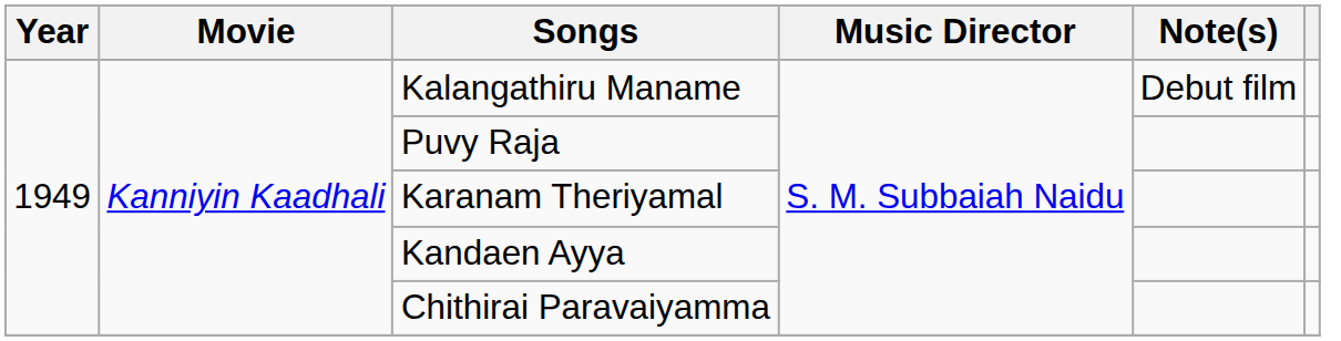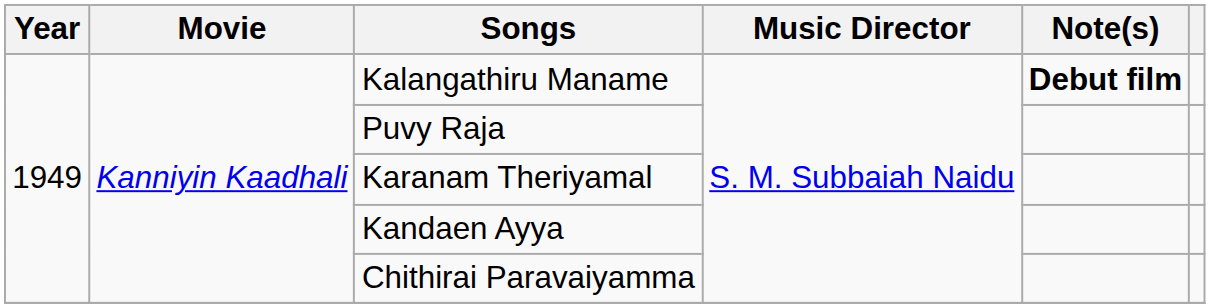 <table class="wikitable">
 <tr>
 <th>Year</th>
 <th>Movie</th>
 <th>Songs</th>
 <th>Music Director</th>
 <th>Note(s)</th>
 <th class="unsortable"></th>
 </tr>
 <tr>
 <td rowspan=5>1949</td>
 <td rowspan=5><em><a href='#'>Kanniyin Kaadhali</a></em></td>
 <td>Kalangathiru Maname</td>
 <td rowspan=5><a href='#'>S. M. Subbaiah Naidu</a></td>
-<td>Debut film</td>
+<td><strong>Debut film</strong></td>
 <td></td>
 </tr>
 <tr>
 <td>Puvy Raja</td>
 <td></td>
 <td></td>
 </tr>
 <tr>
 <td>Karanam Theriyamal</td>
 <td></td>
 <td></td>
 </tr>
 <tr>
 <td>Kandaen Ayya</td>
 <td></td>
 <td></td>
 </tr>
 <tr>
 <td>Chithirai Paravaiyamma</td>
 <td></td>
 <td></td>
 </tr>
 <tr>
 </tr>
 </table>
